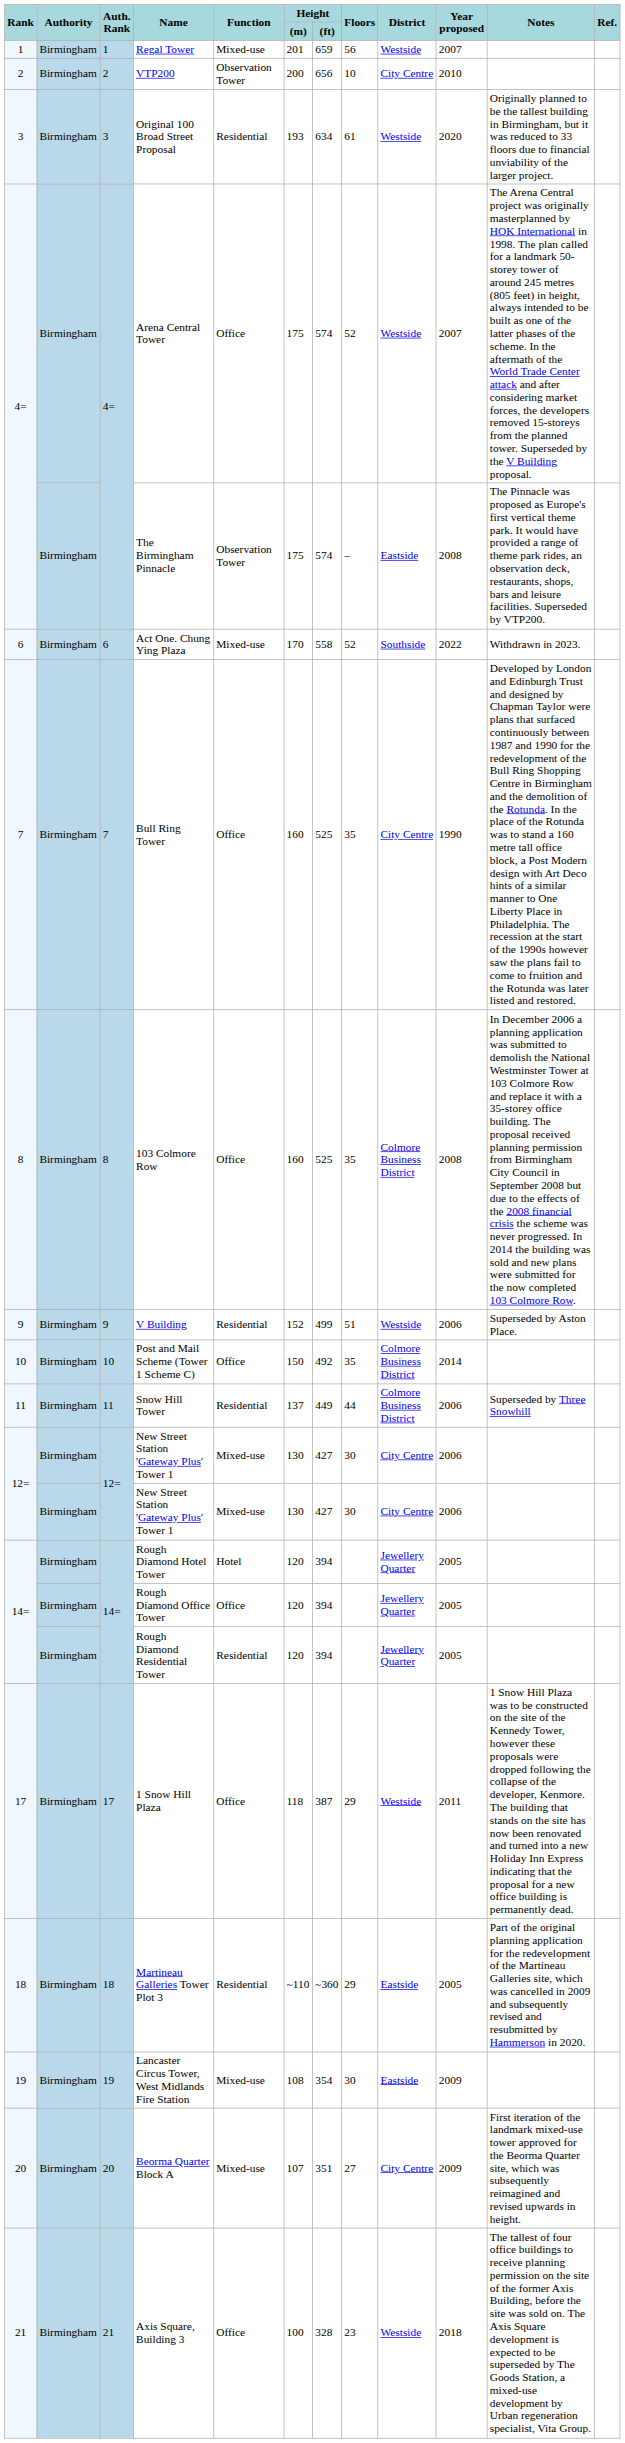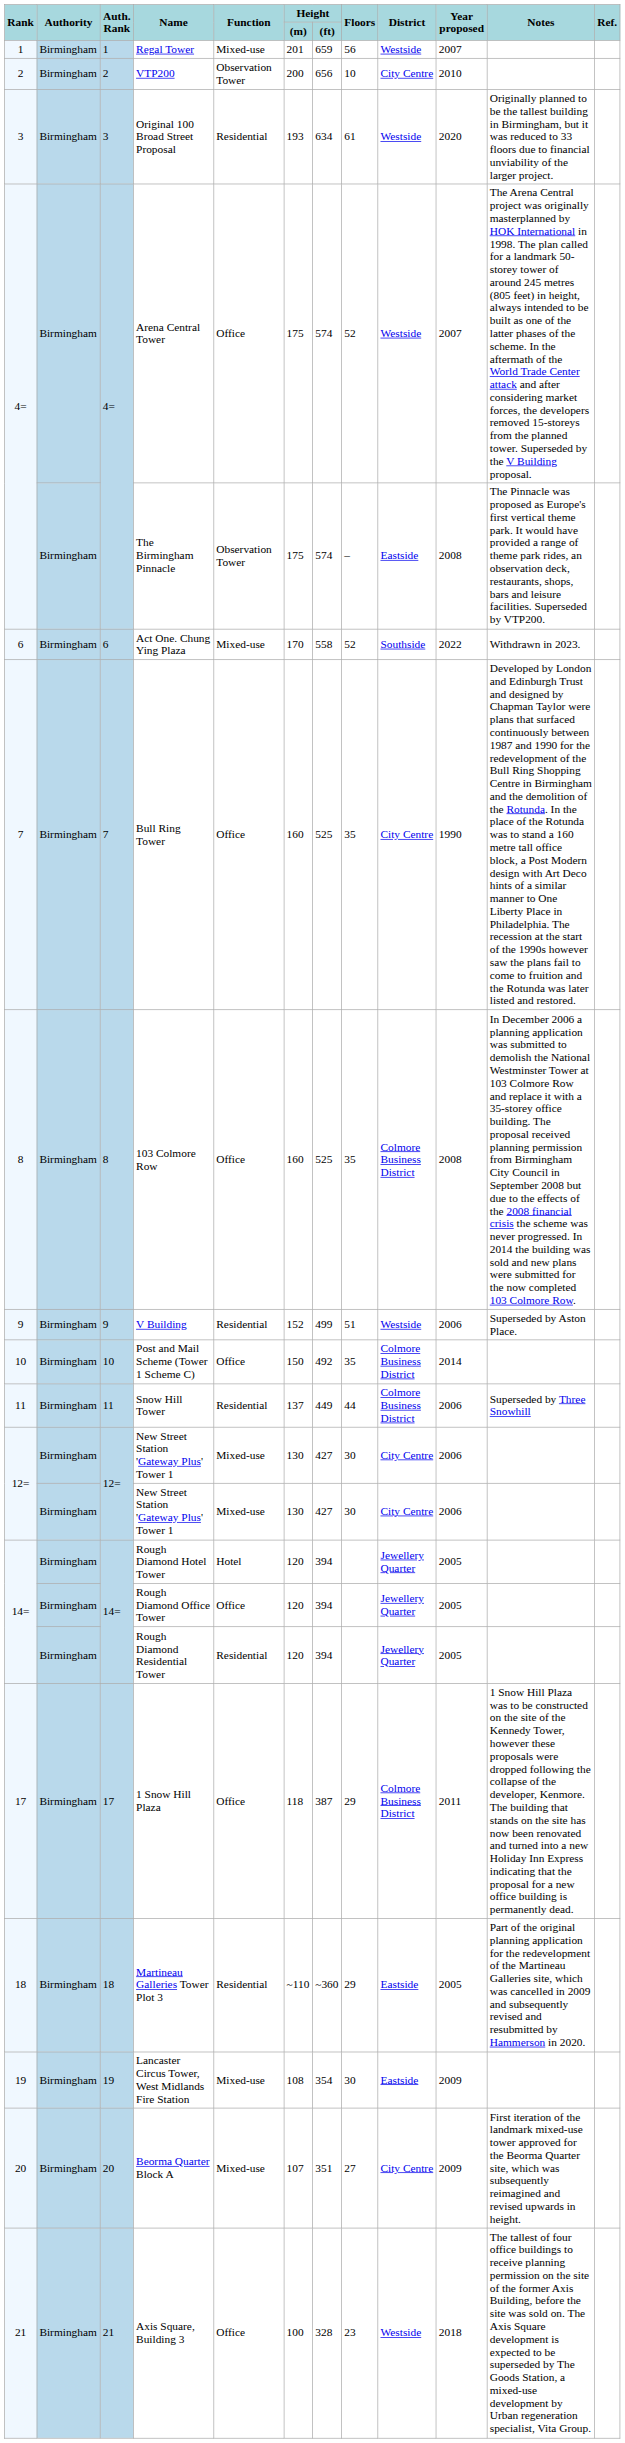 <table class="wikitable sortable" style="border:#999; background:white;">
 <tr>
 <th class="unsortable" rowspan="2" style="background-color:#A7D8DE; text-align:center; width:45px;"><span><strong>Rank</strong></span></th>
 <th rowspan="2" style="background-color:#A7D8DE; text-align:center; width: 90px;"><span><strong>Authority</strong></span></th>
 <th rowspan="2" class="unsortable" style="background-color:#A7D8DE; text-align:center; width: 45px;"><span><strong>Auth. Rank</strong></span></th>
 <th rowspan="2" style="background-color:#A7D8DE; text-align:center; width:285px;"><span><strong>Name</strong></span></th>
 <th rowspan="2" style="background-color:#A7D8DE; text-align:center; width:190px;"><span><strong>Function</strong></span></th>
 <th colspan="2" style="background-color:#A7D8DE; text-align:center"><span><strong>Height</strong></span></th>
 <th rowspan="2" style="background-color:#A7D8DE; text-align:center; width:35px;"><span><strong>Floors</strong></span></th>
 <th rowspan="2" style="background-color:#A7D8DE; text-align:center; width:160px;"><span><strong>District</strong></span></th>
 <th rowspan="2" style="background-color:#A7D8DE; text-align:center; width:75px;"><span><strong>Year proposed</strong></span></th>
 <th class="unsortable" rowspan="2" style="background-color:#A7D8DE; text-align:center; width:500px;"><span><strong>Notes</strong></span></th>
 <th class="unsortable" rowspan="2" style="background-color:#A7D8DE; text-align:center; width:30px;"><span><strong>Ref.</strong></span></th>
 </tr>
 <tr>
 <th class="unsortable" style="background-color:#A7D8DE; text-align:center; width:40px;"><span><strong>(m)</strong></span></th>
 <th class="unsortable" style="background-color:#A7D8DE; text-align:center; width:40px;"><span><strong>(ft)</strong></span></th>
 </tr>
 <tr>
 <td style="text-align:center; background:#F0F8FF;">1</td>
 <td style="background-color:#B9D9EB">Birmingham</td>
 <td style="background-color:#B9D9EB">1</td>
 <td><a href='#'>Regal Tower</a></td>
 <td>Mixed-use</td>
 <td>201</td>
 <td>659</td>
 <td>56</td>
 <td><a href='#'>Westside</a></td>
 <td>2007</td>
 <td></td>
 <td></td>
 </tr>
 <tr>
 <td style="text-align:center; background:#F0F8FF;">2</td>
 <td style="background-color:#B9D9EB">Birmingham</td>
 <td style="background-color:#B9D9EB">2</td>
 <td><a href='#'>VTP200</a></td>
 <td>Observation Tower</td>
 <td>200</td>
 <td>656</td>
 <td>10</td>
 <td><a href='#'>City Centre</a></td>
 <td>2010</td>
 <td></td>
 <td></td>
 </tr>
 <tr>
 <td style="text-align:center; background:#F0F8FF;">3</td>
 <td style="background-color:#B9D9EB">Birmingham</td>
 <td style="background-color:#B9D9EB">3</td>
 <td>Original 100 Broad Street Proposal</td>
 <td>Residential</td>
 <td>193</td>
 <td>634</td>
 <td>61</td>
 <td><a href='#'>Westside</a></td>
 <td>2020</td>
 <td>Originally planned to be the tallest building in Birmingham, but it was reduced to 33 floors due to financial unviability of the larger project.</td>
 <td></td>
 </tr>
 <tr>
 <td style="text-align:center; background:#F0F8FF;" rowspan="2">4=</td>
 <td style="background-color:#B9D9EB">Birmingham</td>
 <td style="background-color:#B9D9EB;" rowspan="2">4=</td>
 <td>Arena Central Tower</td>
 <td>Office</td>
 <td>175</td>
 <td>574</td>
 <td>52</td>
 <td><a href='#'>Westside</a></td>
 <td>2007</td>
 <td>The Arena Central project was originally masterplanned by <a href='#'>HOK International</a> in 1998. The plan called for a landmark 50-storey tower of around 245 metres (805 feet) in height, always intended to be built as one of the latter phases of the scheme. In the aftermath of the <a href='#'>World Trade Center attack</a> and after considering market forces, the developers removed 15-storeys from the planned tower. Superseded by the <a href='#'>V Building</a> proposal.</td>
 <td></td>
 </tr>
 <tr>
 <td style="background-color:#B9D9EB">Birmingham</td>
 <td>The Birmingham Pinnacle</td>
 <td>Observation Tower</td>
 <td>175</td>
 <td>574</td>
 <td>–</td>
 <td><a href='#'>Eastside</a></td>
 <td>2008</td>
 <td>The Pinnacle was proposed as Europe's first vertical theme park. It would have provided a range of theme park rides, an observation deck, restaurants, shops, bars and leisure facilities. Superseded by VTP200.</td>
 <td></td>
 </tr>
 <tr>
 <td style="text-align:center; background:#F0F8FF;">6</td>
 <td style="background-color:#B9D9EB">Birmingham</td>
 <td style="background-color:#B9D9EB">6</td>
 <td>Act One. Chung Ying Plaza</td>
 <td>Mixed-use</td>
 <td>170</td>
 <td>558</td>
 <td>52</td>
 <td><a href='#'>Southside</a></td>
 <td>2022</td>
 <td>Withdrawn in 2023.</td>
 <td></td>
 </tr>
 <tr>
 <td style="text-align:center; background:#F0F8FF;">7</td>
 <td style="background-color:#B9D9EB">Birmingham</td>
 <td style="background-color:#B9D9EB">7</td>
 <td>Bull Ring Tower</td>
 <td>Office</td>
 <td>160</td>
 <td>525</td>
 <td>35</td>
 <td><a href='#'>City Centre</a></td>
 <td>1990</td>
 <td>Developed by London and Edinburgh Trust and designed by Chapman Taylor were plans that surfaced continuously between 1987 and 1990 for the redevelopment of the Bull Ring Shopping Centre in Birmingham and the demolition of the <a href='#'>Rotunda</a>. In the place of the Rotunda was to stand a 160 metre tall office block, a Post Modern design with Art Deco hints of a similar manner to One Liberty Place in Philadelphia. The recession at the start of the 1990s however saw the plans fail to come to fruition and the Rotunda was later listed and restored.</td>
 <td></td>
 </tr>
 <tr>
 <td style="text-align:center; background:#F0F8FF;">8</td>
 <td style="background-color:#B9D9EB">Birmingham</td>
 <td style="background-color:#B9D9EB">8</td>
 <td>103 Colmore Row</td>
 <td>Office</td>
 <td>160</td>
 <td>525</td>
 <td>35</td>
 <td><a href='#'>Colmore Business District</a></td>
 <td>2008</td>
 <td>In December 2006 a planning application was submitted to demolish the National Westminster Tower at 103 Colmore Row and replace it with a 35-storey office building. The proposal received planning permission from Birmingham City Council in September 2008 but due to the effects of the <a href='#'>2008 financial crisis</a> the scheme was never progressed. In 2014 the building was sold and new plans were submitted for the now completed <a href='#'>103 Colmore Row</a>.</td>
 <td></td>
 </tr>
 <tr>
 <td style="text-align:center; background:#F0F8FF;">9</td>
 <td style="background-color:#B9D9EB">Birmingham</td>
 <td style="background-color:#B9D9EB">9</td>
 <td><a href='#'>V Building</a></td>
 <td>Residential</td>
 <td>152</td>
 <td>499</td>
 <td>51</td>
 <td><a href='#'>Westside</a></td>
 <td>2006</td>
 <td>Superseded by Aston Place.</td>
 <td></td>
 </tr>
 <tr>
 <td style="text-align:center; background:#F0F8FF;">10</td>
 <td style="background-color:#B9D9EB">Birmingham</td>
 <td style="background-color:#B9D9EB">10</td>
 <td>Post and Mail Scheme (Tower 1 Scheme C)</td>
 <td>Office</td>
 <td>150</td>
 <td>492</td>
 <td>35</td>
 <td><a href='#'>Colmore Business District</a></td>
 <td>2014</td>
 <td></td>
 <td></td>
 </tr>
 <tr>
 <td style="text-align:center; background:#F0F8FF;">11</td>
 <td style="background-color:#B9D9EB">Birmingham</td>
 <td style="background-color:#B9D9EB">11</td>
 <td>Snow Hill Tower</td>
 <td>Residential</td>
 <td>137</td>
 <td>449</td>
 <td>44</td>
 <td><a href='#'>Colmore Business District</a></td>
 <td>2006</td>
 <td>Superseded by <a href='#'>Three Snowhill</a></td>
 <td></td>
 </tr>
 <tr>
 <td style="text-align:center; background:#F0F8FF;" rowspan="2">12=</td>
 <td style="background-color:#B9D9EB">Birmingham</td>
 <td style="background-color:#B9D9EB;" rowspan="2">12=</td>
 <td>New Street Station '<a href='#'>Gateway Plus</a>' Tower 1</td>
 <td>Mixed-use</td>
 <td>130</td>
 <td>427</td>
 <td>30</td>
 <td><a href='#'>City Centre</a></td>
 <td>2006</td>
 <td></td>
 <td></td>
 </tr>
 <tr>
 <td style="background-color:#B9D9EB">Birmingham</td>
 <td>New Street Station '<a href='#'>Gateway Plus</a>' Tower 1</td>
 <td>Mixed-use</td>
 <td>130</td>
 <td>427</td>
 <td>30</td>
 <td><a href='#'>City Centre</a></td>
 <td>2006</td>
 <td></td>
 <td></td>
 </tr>
 <tr>
 <td style="text-align:center; background:#F0F8FF;" rowspan="3">14=</td>
 <td style="background-color:#B9D9EB">Birmingham</td>
 <td style="background-color:#B9D9EB;" rowspan="3">14=</td>
 <td>Rough Diamond Hotel Tower</td>
 <td>Hotel</td>
 <td>120</td>
 <td>394</td>
 <td></td>
 <td><a href='#'>Jewellery Quarter</a></td>
 <td>2005</td>
 <td></td>
 <td></td>
 </tr>
 <tr>
 <td style="background-color:#B9D9EB">Birmingham</td>
 <td>Rough Diamond Office Tower</td>
 <td>Office</td>
 <td>120</td>
 <td>394</td>
 <td></td>
 <td><a href='#'>Jewellery Quarter</a></td>
 <td>2005</td>
 <td></td>
 <td></td>
 </tr>
 <tr>
 <td style="background-color:#B9D9EB">Birmingham</td>
 <td>Rough Diamond Residential Tower</td>
 <td>Residential</td>
 <td>120</td>
 <td>394</td>
 <td></td>
 <td><a href='#'>Jewellery Quarter</a></td>
 <td>2005</td>
 <td></td>
 <td></td>
 </tr>
 <tr>
 <td style="text-align:center; background:#F0F8FF;">17</td>
 <td style="background-color:#B9D9EB">Birmingham</td>
 <td style="background-color:#B9D9EB">17</td>
 <td>1 Snow Hill Plaza</td>
 <td>Office</td>
 <td>118</td>
 <td>387</td>
 <td>29</td>
-<td><a href='#'>Westside</a></td>
+<td><a href='#'>Colmore Business District</a></td>
 <td>2011</td>
 <td>1 Snow Hill Plaza was to be constructed on the site of the Kennedy Tower, however these proposals were dropped following the collapse of the developer, Kenmore. The building that stands on the site has now been renovated and turned into a new Holiday Inn Express indicating that the proposal for a new office building is permanently dead.</td>
 <td></td>
 </tr>
 <tr>
 <td style="text-align:center; background:#F0F8FF;">18</td>
 <td style="background-color:#B9D9EB">Birmingham</td>
 <td style="background-color:#B9D9EB">18</td>
 <td><a href='#'>Martineau Galleries</a> Tower Plot 3</td>
 <td>Residential</td>
 <td>~110</td>
 <td>~360</td>
 <td>29</td>
 <td><a href='#'>Eastside</a></td>
 <td>2005</td>
 <td>Part of the original planning application for the redevelopment of the Martineau Galleries site, which was cancelled in 2009 and subsequently revised and resubmitted by <a href='#'>Hammerson</a> in 2020.</td>
 <td></td>
 </tr>
 <tr>
 <td style="text-align:center; background:#F0F8FF;">19</td>
 <td style="background-color:#B9D9EB">Birmingham</td>
 <td style="background-color:#B9D9EB">19</td>
 <td>Lancaster Circus Tower, West Midlands Fire Station</td>
 <td>Mixed-use</td>
 <td>108</td>
 <td>354</td>
 <td>30</td>
 <td><a href='#'>Eastside</a></td>
 <td>2009</td>
 <td></td>
 <td></td>
 </tr>
 <tr>
 <td style="text-align:center; background:#F0F8FF;">20</td>
 <td style="background-color:#B9D9EB">Birmingham</td>
 <td style="background-color:#B9D9EB">20</td>
 <td><a href='#'>Beorma Quarter</a> Block A</td>
 <td>Mixed-use</td>
 <td>107</td>
 <td>351</td>
 <td>27</td>
 <td><a href='#'>City Centre</a></td>
 <td>2009</td>
 <td>First iteration of the landmark mixed-use tower approved for the Beorma Quarter site, which was subsequently reimagined and revised upwards in height.</td>
 <td></td>
 </tr>
 <tr>
 <td style="text-align:center; background:#F0F8FF;">21</td>
 <td style="background-color:#B9D9EB">Birmingham</td>
 <td style="background-color:#B9D9EB">21</td>
 <td>Axis Square, Building 3</td>
 <td>Office</td>
 <td>100</td>
 <td>328</td>
 <td>23</td>
 <td><a href='#'>Westside</a></td>
 <td>2018</td>
 <td>The tallest of four office buildings to receive planning permission on the site of the former Axis Building, before the site was sold on. The Axis Square development is expected to be superseded by The Goods Station, a mixed-use development by Urban regeneration specialist, Vita Group.</td>
 <td></td>
 </tr>
 </table>
